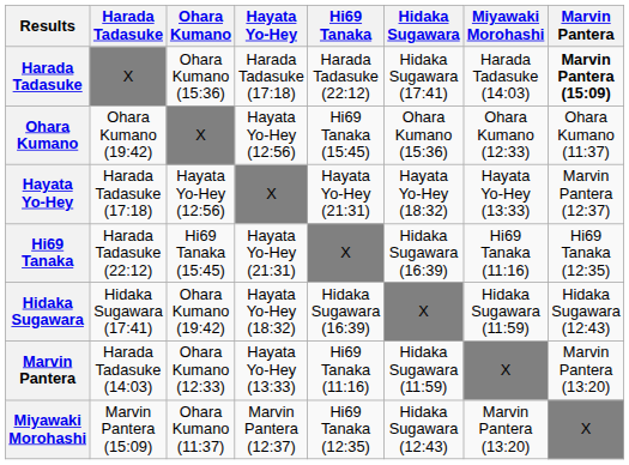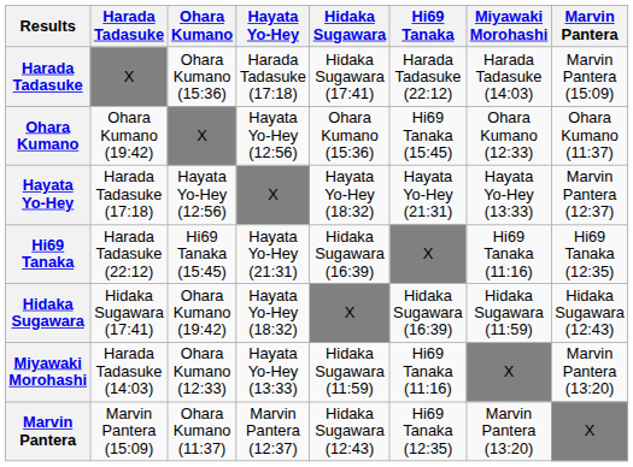 <table class="wikitable" style="text-align:center; margin: 1em auto 1em auto">
 <tr align="center">
 <th>Results</th>
 <th><a href='#'>Harada</a><br><a href='#'>Tadasuke</a></th>
 <th><a href='#'>Ohara</a><br><a href='#'>Kumano</a></th>
 <th><a href='#'>Hayata</a><br><a href='#'>Yo-Hey</a></th>
+<th><a href='#'>Hidaka</a><br><a href='#'>Sugawara</a></th>
 <th><a href='#'>Hi69</a><br><a href='#'>Tanaka</a></th>
-<th><a href='#'>Hidaka</a><br><a href='#'>Sugawara</a></th>
 <th><a href='#'>Miyawaki</a><br><a href='#'>Morohashi</a></th>
 <th><a href='#'>Marvin</a><br>Pantera</th>
 </tr>
 <tr align="center">
 <th><a href='#'>Harada</a><br><a href='#'>Tadasuke</a></th>
 <td bgcolor=grey>X</td>
 <td>Ohara<br>Kumano<br>(15:36)</td>
 <td>Harada<br>Tadasuke<br>(17:18)</td>
+<td>Hidaka<br>Sugawara<br>(17:41)</td>
 <td>Harada<br>Tadasuke<br>(22:12)</td>
-<td>Hidaka<br>Sugawara<br>(17:41)</td>
 <td>Harada<br>Tadasuke<br>(14:03)</td>
-<td><strong>Marvin<br>Pantera<br>(15:09)</strong></td>
+<td>Marvin<br>Pantera<br>(15:09)</td>
 </tr>
 <tr align="center">
 <th><a href='#'>Ohara</a><br><a href='#'>Kumano</a></th>
 <td>Ohara<br>Kumano<br>(19:42)</td>
 <td bgcolor=grey>X</td>
 <td>Hayata<br>Yo-Hey<br>(12:56)</td>
+<td>Ohara<br>Kumano<br>(15:36)</td>
 <td>Hi69<br>Tanaka<br>(15:45)</td>
-<td>Ohara<br>Kumano<br>(15:36)</td>
 <td>Ohara<br>Kumano<br>(12:33)</td>
 <td>Ohara<br>Kumano<br>(11:37)</td>
 </tr>
 <tr align="center">
 <th><a href='#'>Hayata</a><br><a href='#'>Yo-Hey</a></th>
 <td>Harada<br>Tadasuke<br>(17:18)</td>
 <td>Hayata<br>Yo-Hey<br>(12:56)</td>
 <td bgcolor=grey>X</td>
+<td>Hayata<br>Yo-Hey<br>(18:32)</td>
 <td>Hayata<br>Yo-Hey<br>(21:31)</td>
-<td>Hayata<br>Yo-Hey<br>(18:32)</td>
 <td>Hayata<br>Yo-Hey<br>(13:33)</td>
 <td>Marvin<br>Pantera<br>(12:37)</td>
 </tr>
 <tr align="center">
 <th><a href='#'>Hi69</a><br><a href='#'>Tanaka</a></th>
 <td>Harada<br>Tadasuke<br>(22:12)</td>
 <td>Hi69<br>Tanaka<br>(15:45)</td>
 <td>Hayata<br>Yo-Hey<br>(21:31)</td>
+<td>Hidaka<br>Sugawara<br>(16:39)</td>
 <td bgcolor=grey>X</td>
-<td>Hidaka<br>Sugawara<br>(16:39)</td>
 <td>Hi69<br>Tanaka<br>(11:16)</td>
 <td>Hi69<br>Tanaka<br>(12:35)</td>
 </tr>
 <tr align="center">
 <th><a href='#'>Hidaka</a><br><a href='#'>Sugawara</a></th>
 <td>Hidaka<br>Sugawara<br>(17:41)</td>
 <td>Ohara<br>Kumano<br>(19:42)</td>
 <td>Hayata<br>Yo-Hey<br>(18:32)</td>
+<td bgcolor=grey>X</td>
 <td>Hidaka<br>Sugawara<br>(16:39)</td>
-<td bgcolor=grey>X</td>
 <td>Hidaka<br>Sugawara<br>(11:59)</td>
 <td>Hidaka<br>Sugawara<br>(12:43)</td>
 </tr>
 <tr align="center">
-<th><a href='#'>Marvin</a><br>Pantera</th>
+<th><a href='#'>Miyawaki</a><br><a href='#'>Morohashi</a></th>
 <td>Harada<br>Tadasuke<br>(14:03)</td>
 <td>Ohara<br>Kumano<br>(12:33)</td>
 <td>Hayata<br>Yo-Hey<br>(13:33)</td>
+<td>Hidaka<br>Sugawara<br>(11:59)</td>
 <td>Hi69<br>Tanaka<br>(11:16)</td>
-<td>Hidaka<br>Sugawara<br>(11:59)</td>
 <td bgcolor=grey>X</td>
 <td>Marvin<br>Pantera<br>(13:20)</td>
 </tr>
 <tr align="center">
-<th><a href='#'>Miyawaki</a><br><a href='#'>Morohashi</a></th>
+<th><a href='#'>Marvin</a><br>Pantera</th>
 <td>Marvin<br>Pantera<br>(15:09)</td>
 <td>Ohara<br>Kumano<br>(11:37)</td>
 <td>Marvin<br>Pantera<br>(12:37)</td>
+<td>Hidaka<br>Sugawara<br>(12:43)</td>
 <td>Hi69<br>Tanaka<br>(12:35)</td>
-<td>Hidaka<br>Sugawara<br>(12:43)</td>
 <td>Marvin<br>Pantera<br>(13:20)</td>
 <td bgcolor=grey>X</td>
 </tr>
 </table>
